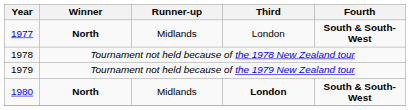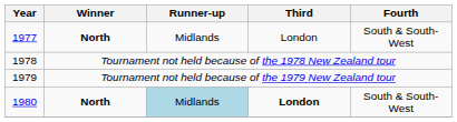 <table class="wikitable" style="text-align:center;border="1">
 <tr>
 <th width="50pt">Year</th>
 <th width="140pt">Winner</th>
 <th width="140pt">Runner-up</th>
 <th width="140pt">Third</th>
 <th width="140pt">Fourth</th>
 </tr>
 <tr>
 <td><a href='#'>1977</a></td>
 <td><strong>North</strong></td>
 <td>Midlands</td>
 <td>London</td>
-<td><strong>South & South-West</strong></td>
+<td>South & South-West</td>
 </tr>
 <tr>
 <td>1978</td>
 <td colspan="4"><em>Tournament not held because of <a href='#'>the 1978 New Zealand tour</a></em> </td>
 </tr>
 <tr>
 <td>1979</td>
 <td colspan="4"><em>Tournament not held because of <a href='#'>the 1979 New Zealand tour</a></em> </td>
 </tr>
 <tr>
 <td><a href='#'>1980</a></td>
 <td><strong>North</strong></td>
-<td>Midlands</td>
+<td style="background: lightblue;">Midlands</td>
 <td><strong>London</strong></td>
-<td><strong>South & South-West</strong></td>
+<td>South & South-West</td>
 </tr>
 <tr>
 </tr>
 </table>
